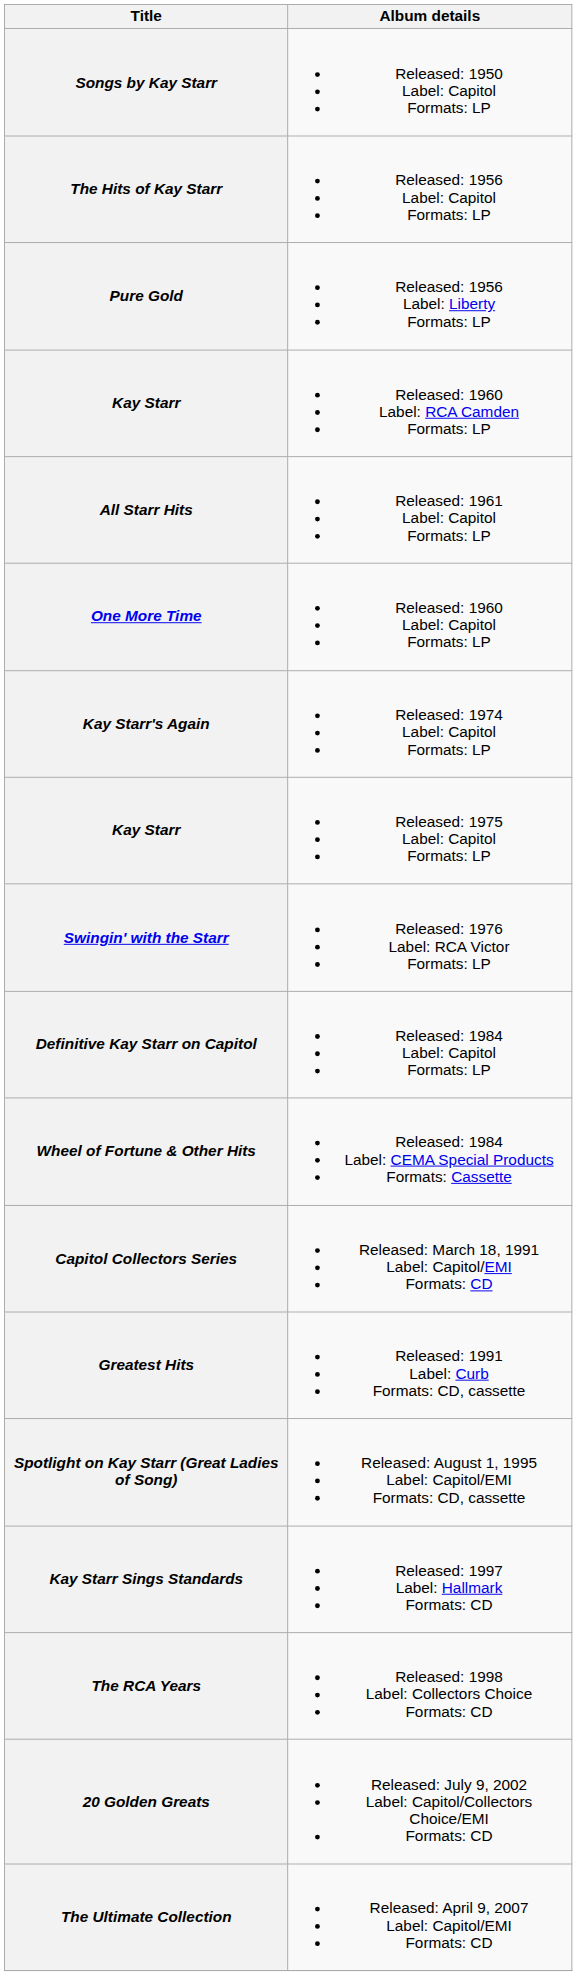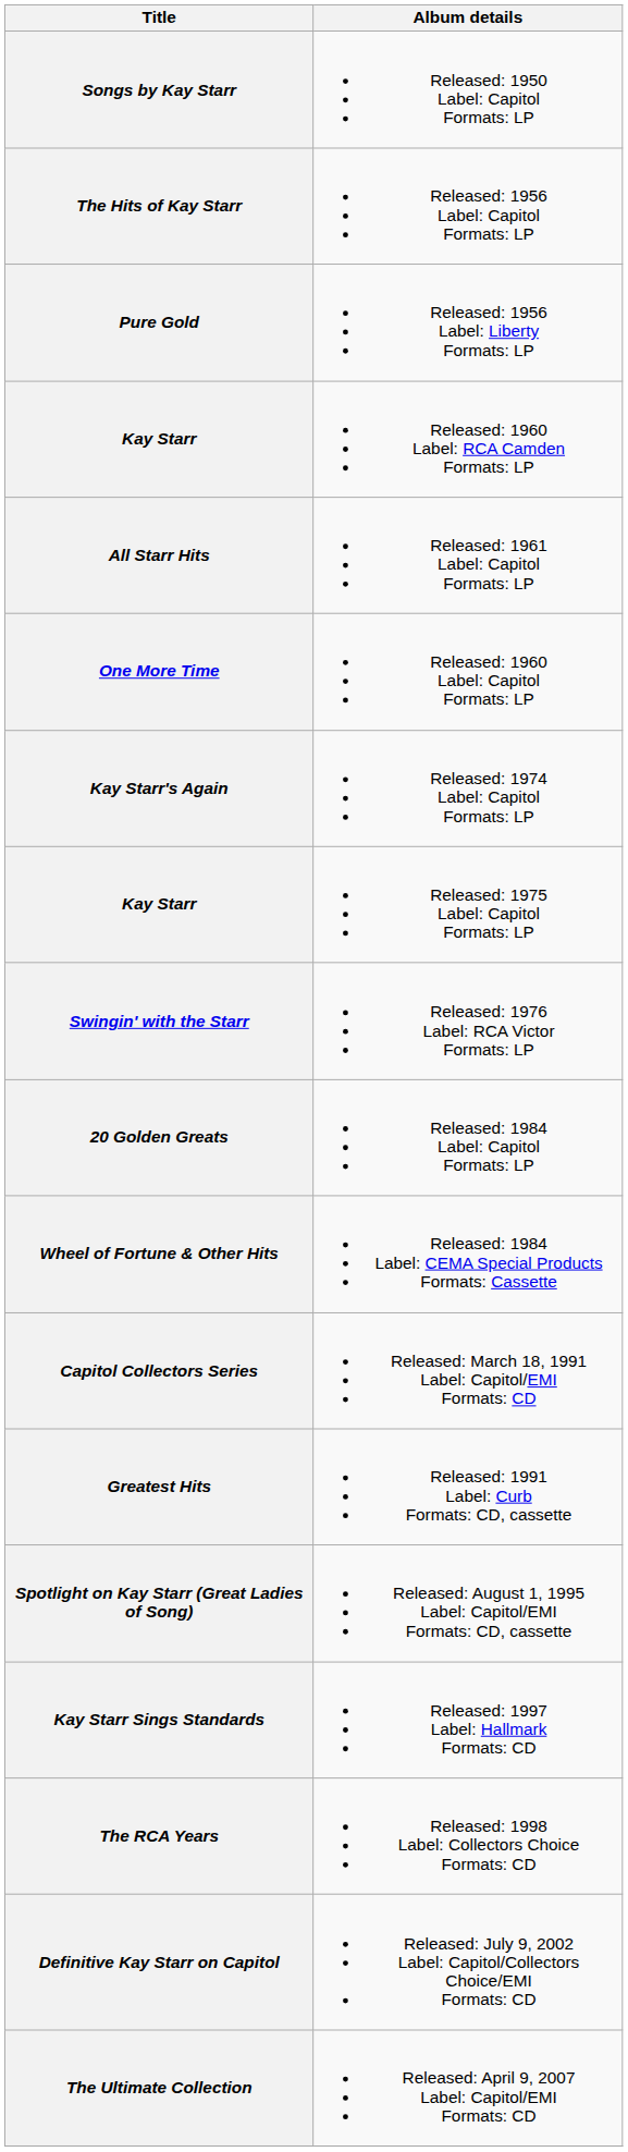 <table class="wikitable plainrowheaders" style="text-align:center;">
 <tr>
 <th scope="col" style="width:18em;">Title</th>
 <th scope="col" style="width:18em;">Album details</th>
 </tr>
 <tr>
 <th scope="row"><em>Songs by Kay Starr</em></th>
 <td><br><ul><li>Released: 1950</li><li>Label: Capitol</li><li>Formats: LP</li></ul></td>
 </tr>
 <tr>
 <th scope="row"><em>The Hits of Kay Starr</em></th>
 <td><br><ul><li>Released: 1956</li><li>Label: Capitol</li><li>Formats: LP</li></ul></td>
 </tr>
 <tr>
 <th scope="row"><em>Pure Gold</em></th>
 <td><br><ul><li>Released: 1956</li><li>Label: <a href='#'>Liberty</a></li><li>Formats: LP</li></ul></td>
 </tr>
 <tr>
 <th scope="row"><em>Kay Starr</em></th>
 <td><br><ul><li>Released: 1960</li><li>Label: <a href='#'>RCA Camden</a></li><li>Formats: LP</li></ul></td>
 </tr>
 <tr>
 <th scope="row"><em>All Starr Hits</em></th>
 <td><br><ul><li>Released: 1961</li><li>Label: Capitol</li><li>Formats: LP</li></ul></td>
 </tr>
 <tr>
 <th scope="row"><em><a href='#'>One More Time</a></em></th>
 <td><br><ul><li>Released: 1960</li><li>Label: Capitol</li><li>Formats: LP</li></ul></td>
 </tr>
 <tr>
 <th scope="row"><em>Kay Starr's Again</em></th>
 <td><br><ul><li>Released: 1974</li><li>Label: Capitol</li><li>Formats: LP</li></ul></td>
 </tr>
 <tr>
 <th scope="row"><em>Kay Starr</em></th>
 <td><br><ul><li>Released: 1975</li><li>Label: Capitol</li><li>Formats: LP</li></ul></td>
 </tr>
 <tr>
 <th scope="row"><em><a href='#'>Swingin' with the Starr</a></em></th>
 <td><br><ul><li>Released: 1976</li><li>Label: RCA Victor</li><li>Formats: LP</li></ul></td>
 </tr>
 <tr>
-<th scope="row"><em>Definitive Kay Starr on Capitol</em></th>
+<th scope="row"><em>20 Golden Greats</em></th>
 <td><br><ul><li>Released: 1984</li><li>Label: Capitol</li><li>Formats: LP</li></ul></td>
 </tr>
 <tr>
 <th scope="row"><em>Wheel of Fortune & Other Hits</em></th>
 <td><br><ul><li>Released: 1984</li><li>Label: <a href='#'>CEMA Special Products</a></li><li>Formats: <a href='#'>Cassette</a></li></ul></td>
 </tr>
 <tr>
 <th scope="row"><em>Capitol Collectors Series</em></th>
 <td><br><ul><li>Released: March 18, 1991</li><li>Label: Capitol/<a href='#'>EMI</a></li><li>Formats: <a href='#'>CD</a></li></ul></td>
 </tr>
 <tr>
 <th scope="row"><em>Greatest Hits</em></th>
 <td><br><ul><li>Released: 1991</li><li>Label: <a href='#'>Curb</a></li><li>Formats: CD, cassette</li></ul></td>
 </tr>
 <tr>
 <th scope="row"><em>Spotlight on Kay Starr (Great Ladies of Song)</em></th>
 <td><br><ul><li>Released: August 1, 1995</li><li>Label: Capitol/EMI</li><li>Formats: CD, cassette</li></ul></td>
 </tr>
 <tr>
 <th scope="row"><em>Kay Starr Sings Standards</em></th>
 <td><br><ul><li>Released: 1997</li><li>Label: <a href='#'>Hallmark</a></li><li>Formats: CD</li></ul></td>
 </tr>
 <tr>
 <th scope="row"><em>The RCA Years</em></th>
 <td><br><ul><li>Released: 1998</li><li>Label: Collectors Choice</li><li>Formats: CD</li></ul></td>
 </tr>
 <tr>
-<th scope="row"><em>20 Golden Greats</em></th>
+<th scope="row"><em>Definitive Kay Starr on Capitol</em></th>
 <td><br><ul><li>Released: July 9, 2002</li><li>Label: Capitol/Collectors Choice/EMI</li><li>Formats: CD</li></ul></td>
 </tr>
 <tr>
 <th scope="row"><em>The Ultimate Collection</em></th>
 <td><br><ul><li>Released: April 9, 2007</li><li>Label: Capitol/EMI</li><li>Formats: CD</li></ul></td>
 </tr>
 <tr>
 </tr>
 </table>
